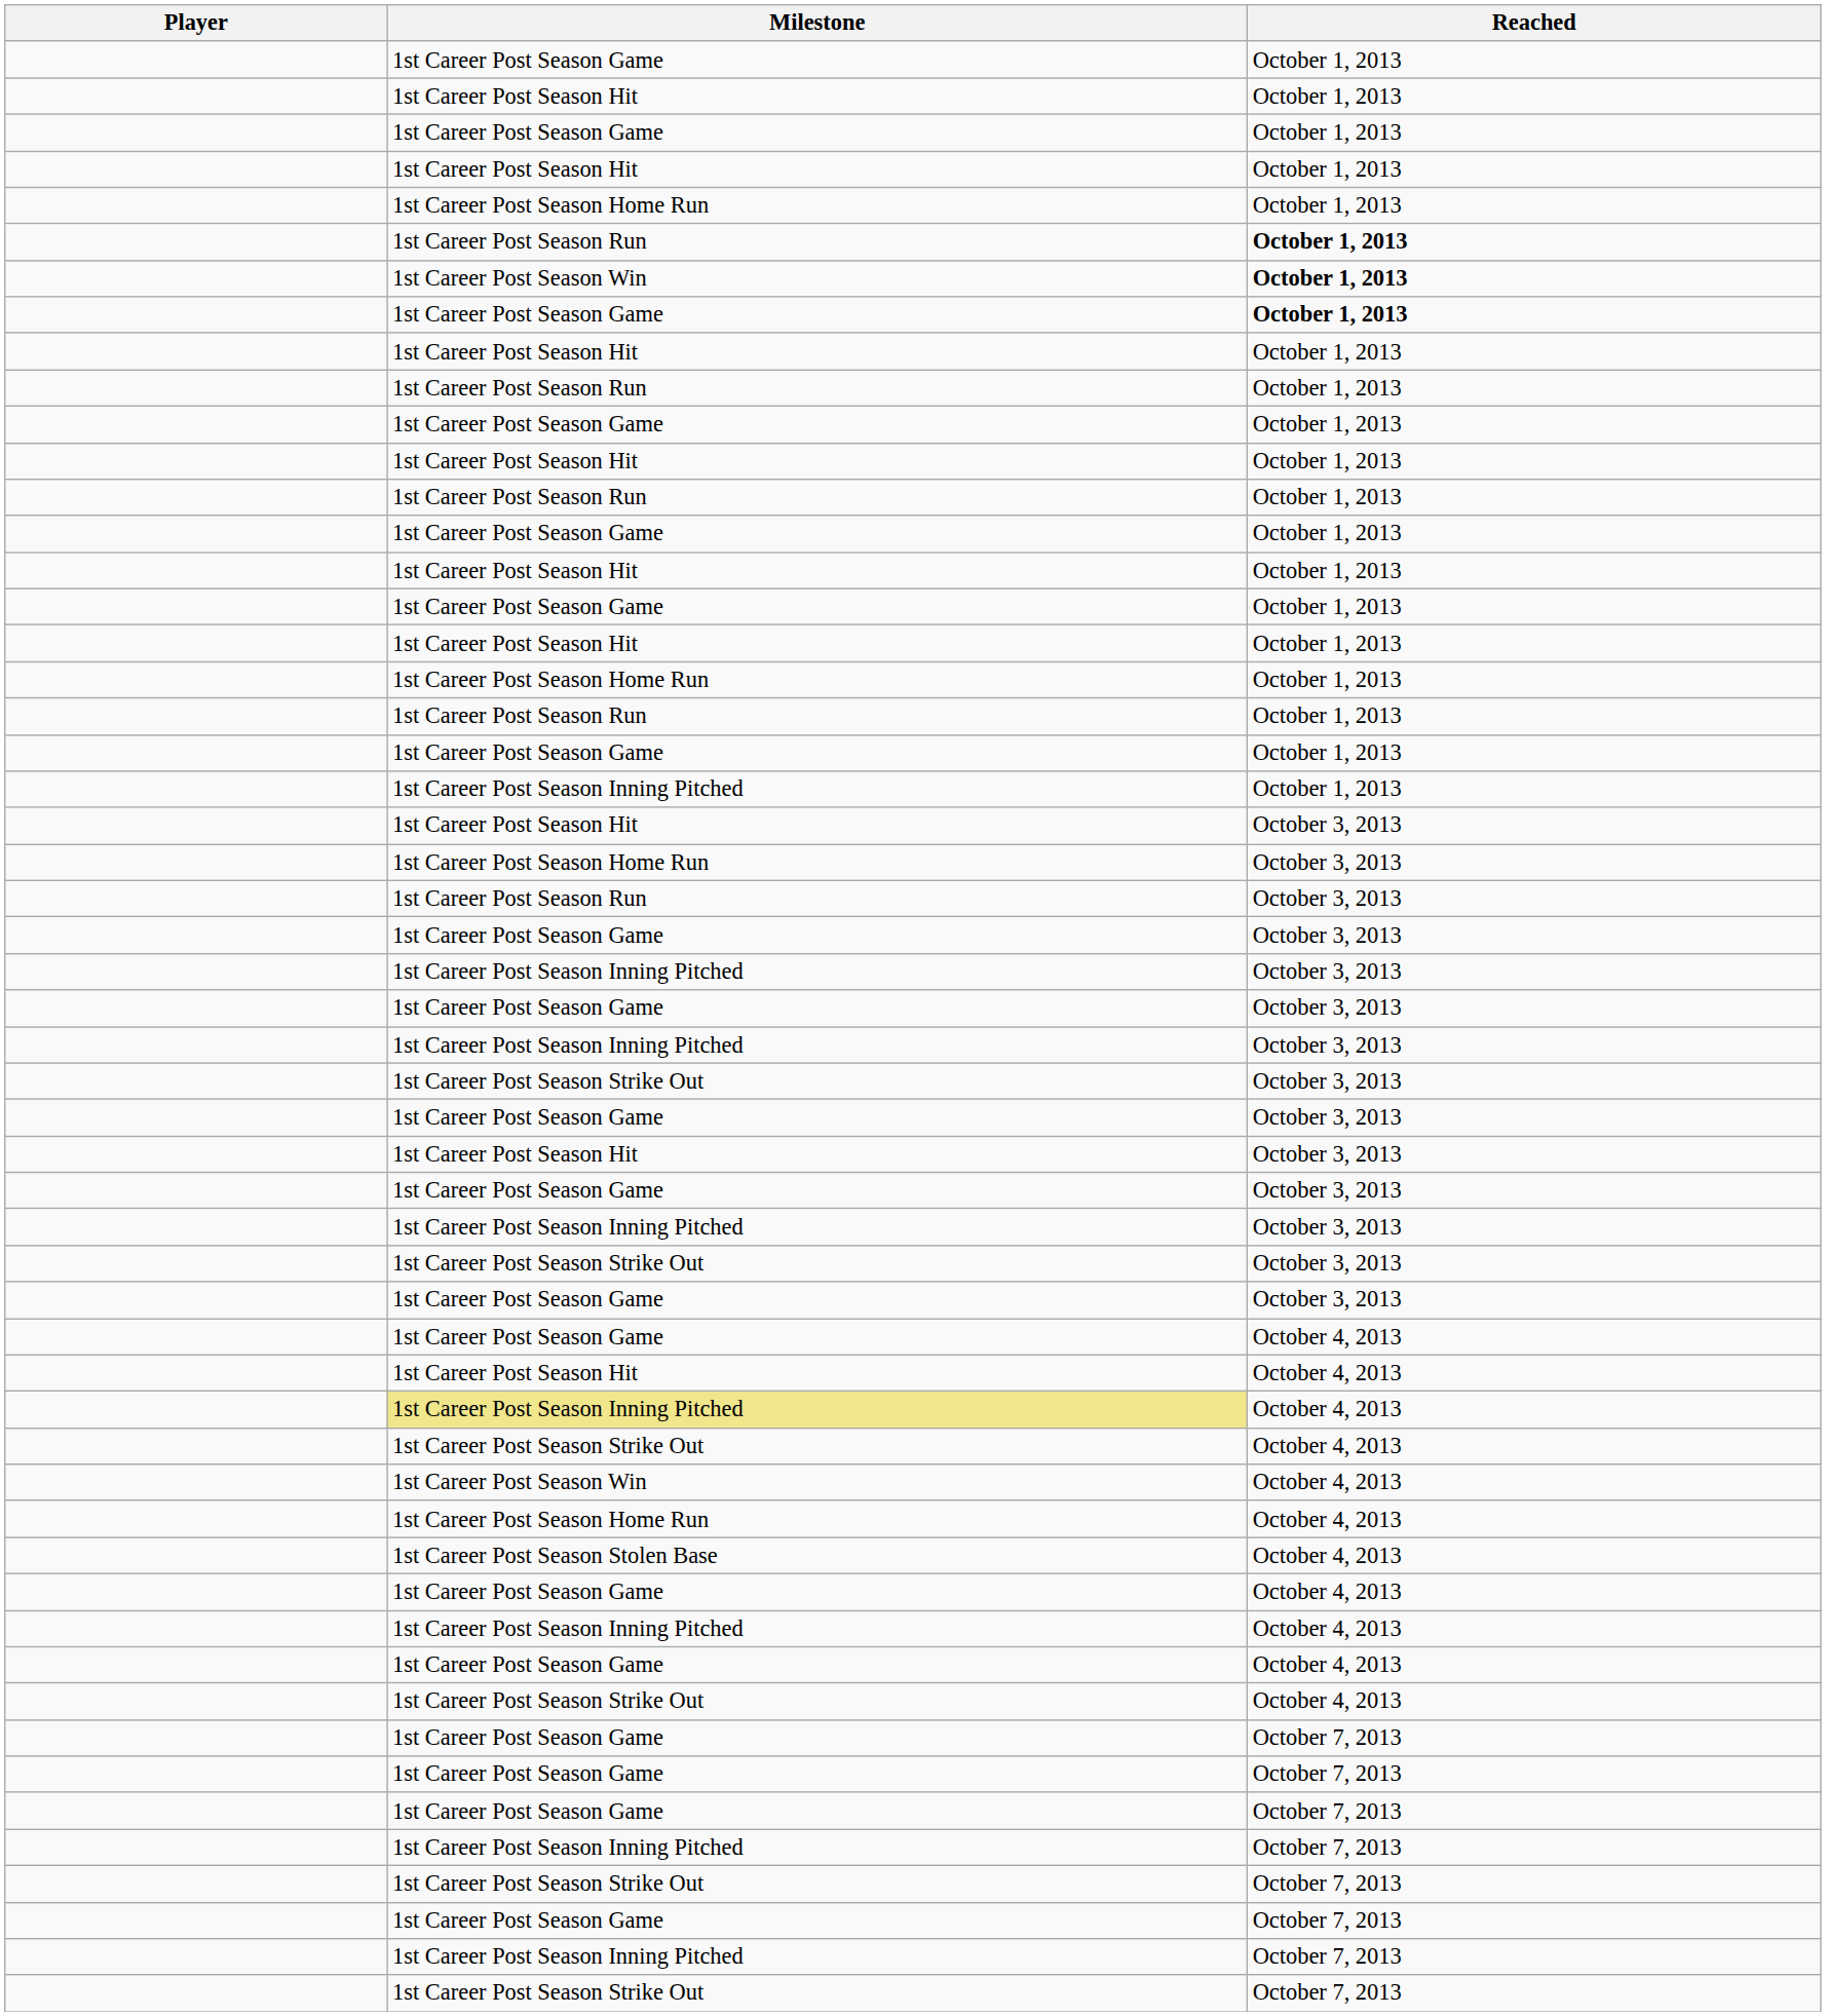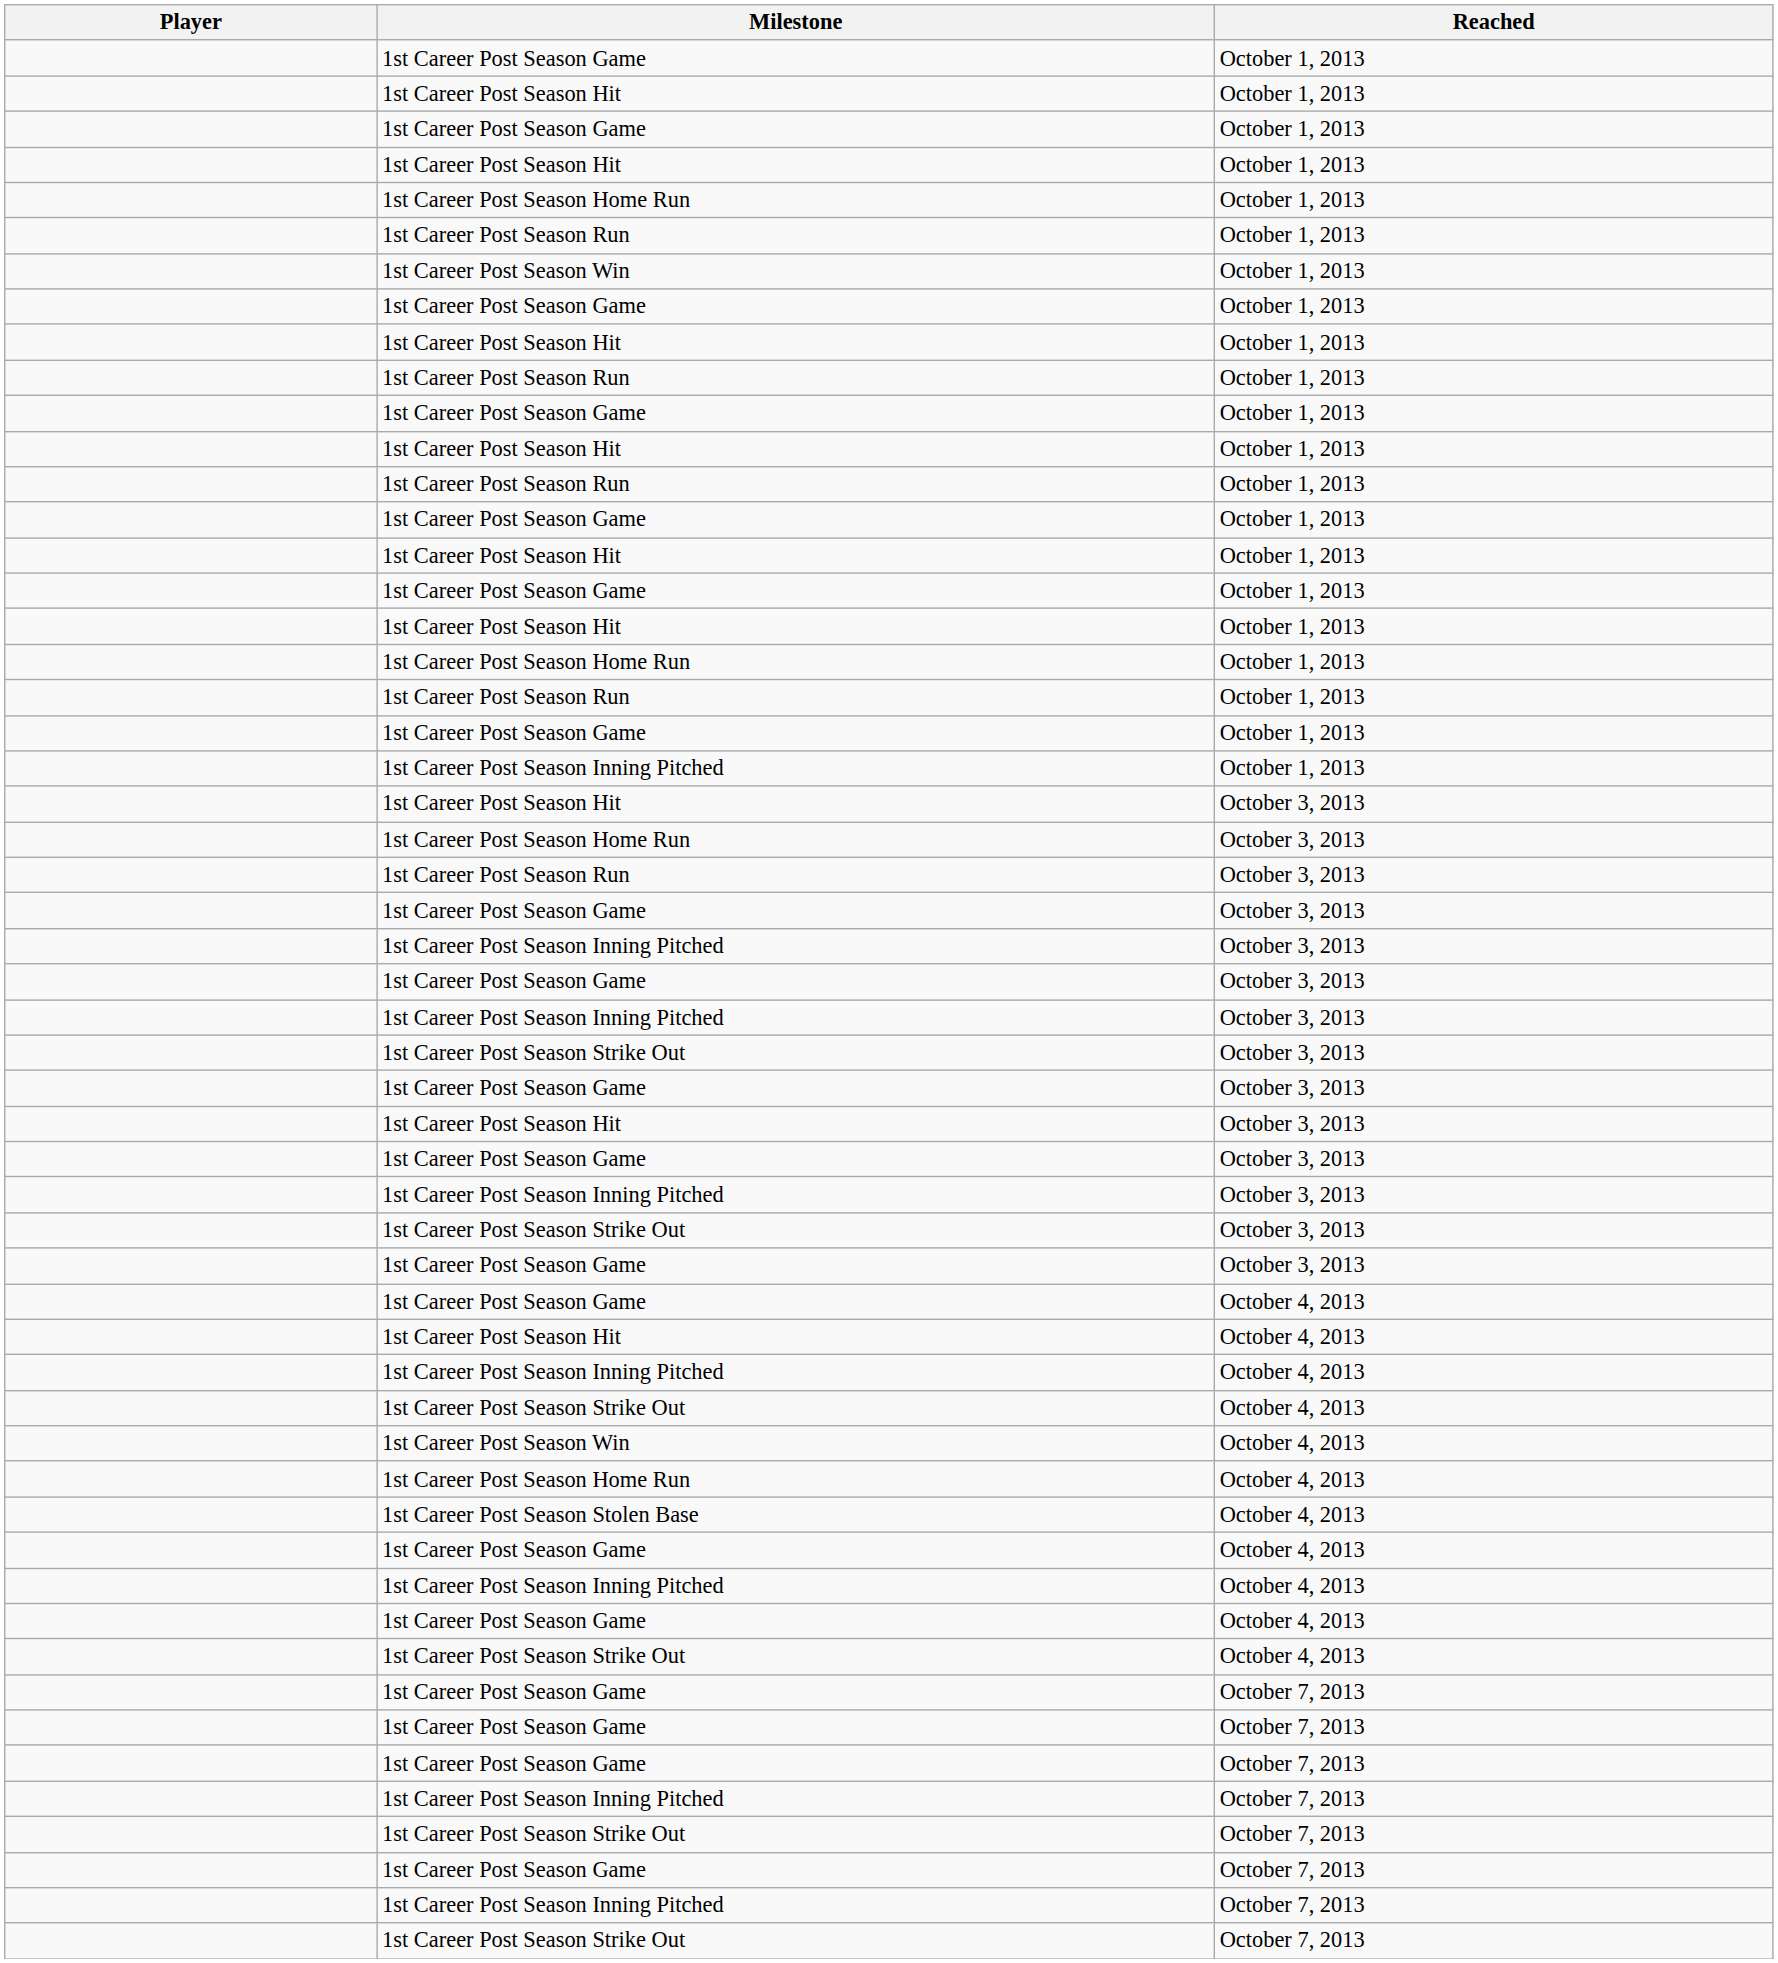 <table class="wikitable sortable" style="width:100%;">
 <tr align=center>
 <th style="width:20%;">Player</th>
 <th style="width:45%;">Milestone</th>
 <th style="width:30%;" data-sort-type="date">Reached</th>
 </tr>
 <tr>
 <td></td>
 <td>1st Career Post Season Game</td>
 <td>October 1, 2013</td>
 </tr>
 <tr>
 <td></td>
 <td>1st Career Post Season Hit</td>
 <td>October 1, 2013</td>
 </tr>
 <tr>
 <td></td>
 <td>1st Career Post Season Game</td>
 <td>October 1, 2013</td>
 </tr>
 <tr>
 <td></td>
 <td>1st Career Post Season Hit</td>
 <td>October 1, 2013</td>
 </tr>
 <tr>
 <td></td>
 <td>1st Career Post Season Home Run</td>
 <td>October 1, 2013</td>
 </tr>
 <tr>
 <td></td>
 <td>1st Career Post Season Run</td>
-<td><strong>October 1, 2013</strong></td>
+<td>October 1, 2013</td>
 </tr>
 <tr>
 <td></td>
 <td>1st Career Post Season Win</td>
-<td><strong>October 1, 2013</strong></td>
+<td>October 1, 2013</td>
 </tr>
 <tr>
 <td></td>
 <td>1st Career Post Season Game</td>
-<td><strong>October 1, 2013</strong></td>
+<td>October 1, 2013</td>
 </tr>
 <tr>
 <td></td>
 <td>1st Career Post Season Hit</td>
 <td>October 1, 2013</td>
 </tr>
 <tr>
 <td></td>
 <td>1st Career Post Season Run</td>
 <td>October 1, 2013</td>
 </tr>
 <tr>
 <td></td>
 <td>1st Career Post Season Game</td>
 <td>October 1, 2013</td>
 </tr>
 <tr>
 <td></td>
 <td>1st Career Post Season Hit</td>
 <td>October 1, 2013</td>
 </tr>
 <tr>
 <td></td>
 <td>1st Career Post Season Run</td>
 <td>October 1, 2013</td>
 </tr>
 <tr>
 <td></td>
 <td>1st Career Post Season Game</td>
 <td>October 1, 2013</td>
 </tr>
 <tr>
 <td></td>
 <td>1st Career Post Season Hit</td>
 <td>October 1, 2013</td>
 </tr>
 <tr>
 <td></td>
 <td>1st Career Post Season Game</td>
 <td>October 1, 2013</td>
 </tr>
 <tr>
 <td></td>
 <td>1st Career Post Season Hit</td>
 <td>October 1, 2013</td>
 </tr>
 <tr>
 <td></td>
 <td>1st Career Post Season Home Run</td>
 <td>October 1, 2013</td>
 </tr>
 <tr>
 <td></td>
 <td>1st Career Post Season Run</td>
 <td>October 1, 2013</td>
 </tr>
 <tr>
 <td></td>
 <td>1st Career Post Season Game</td>
 <td>October 1, 2013</td>
 </tr>
 <tr>
 <td></td>
 <td>1st Career Post Season Inning Pitched</td>
 <td>October 1, 2013</td>
 </tr>
 <tr>
 <td></td>
 <td>1st Career Post Season Hit</td>
 <td>October 3, 2013</td>
 </tr>
 <tr>
 <td></td>
 <td>1st Career Post Season Home Run</td>
 <td>October 3, 2013</td>
 </tr>
 <tr>
 <td></td>
 <td>1st Career Post Season Run</td>
 <td>October 3, 2013</td>
 </tr>
 <tr>
 <td></td>
 <td>1st Career Post Season Game</td>
 <td>October 3, 2013</td>
 </tr>
 <tr>
 <td></td>
 <td>1st Career Post Season Inning Pitched</td>
 <td>October 3, 2013</td>
 </tr>
 <tr>
 <td></td>
 <td>1st Career Post Season Game</td>
 <td>October 3, 2013</td>
 </tr>
 <tr>
 <td></td>
 <td>1st Career Post Season Inning Pitched</td>
 <td>October 3, 2013</td>
 </tr>
 <tr>
 <td></td>
 <td>1st Career Post Season Strike Out</td>
 <td>October 3, 2013</td>
 </tr>
 <tr>
 <td></td>
 <td>1st Career Post Season Game</td>
 <td>October 3, 2013</td>
 </tr>
 <tr>
 <td></td>
 <td>1st Career Post Season Hit</td>
 <td>October 3, 2013</td>
 </tr>
 <tr>
 <td></td>
 <td>1st Career Post Season Game</td>
 <td>October 3, 2013</td>
 </tr>
 <tr>
 <td></td>
 <td>1st Career Post Season Inning Pitched</td>
 <td>October 3, 2013</td>
 </tr>
 <tr>
 <td></td>
 <td>1st Career Post Season Strike Out</td>
 <td>October 3, 2013</td>
 </tr>
 <tr>
 <td></td>
 <td>1st Career Post Season Game</td>
 <td>October 3, 2013</td>
 </tr>
 <tr>
 <td></td>
 <td>1st Career Post Season Game</td>
 <td>October 4, 2013</td>
 </tr>
 <tr>
 <td></td>
 <td>1st Career Post Season Hit</td>
 <td>October 4, 2013</td>
 </tr>
 <tr>
 <td></td>
-<td style="background: khaki;">1st Career Post Season Inning Pitched</td>
+<td>1st Career Post Season Inning Pitched</td>
 <td>October 4, 2013</td>
 </tr>
 <tr>
 <td></td>
 <td>1st Career Post Season Strike Out</td>
 <td>October 4, 2013</td>
 </tr>
 <tr>
 <td></td>
 <td>1st Career Post Season Win</td>
 <td>October 4, 2013</td>
 </tr>
 <tr>
 <td></td>
 <td>1st Career Post Season Home Run</td>
 <td>October 4, 2013</td>
 </tr>
 <tr>
 <td></td>
 <td>1st Career Post Season Stolen Base</td>
 <td>October 4, 2013</td>
 </tr>
 <tr>
 <td></td>
 <td>1st Career Post Season Game</td>
 <td>October 4, 2013</td>
 </tr>
 <tr>
 <td></td>
 <td>1st Career Post Season Inning Pitched</td>
 <td>October 4, 2013</td>
 </tr>
 <tr>
 <td></td>
 <td>1st Career Post Season Game</td>
 <td>October 4, 2013</td>
 </tr>
 <tr>
 <td></td>
 <td>1st Career Post Season Strike Out</td>
 <td>October 4, 2013</td>
 </tr>
 <tr>
 <td></td>
 <td>1st Career Post Season Game</td>
 <td>October 7, 2013</td>
 </tr>
 <tr>
 <td></td>
 <td>1st Career Post Season Game</td>
 <td>October 7, 2013</td>
 </tr>
 <tr>
 <td></td>
 <td>1st Career Post Season Game</td>
 <td>October 7, 2013</td>
 </tr>
 <tr>
 <td></td>
 <td>1st Career Post Season Inning Pitched</td>
 <td>October 7, 2013</td>
 </tr>
 <tr>
 <td></td>
 <td>1st Career Post Season Strike Out</td>
 <td>October 7, 2013</td>
 </tr>
 <tr>
 <td></td>
 <td>1st Career Post Season Game</td>
 <td>October 7, 2013</td>
 </tr>
 <tr>
 <td></td>
 <td>1st Career Post Season Inning Pitched</td>
 <td>October 7, 2013</td>
 </tr>
 <tr>
 <td></td>
 <td>1st Career Post Season Strike Out</td>
 <td>October 7, 2013</td>
 </tr>
 </table>
